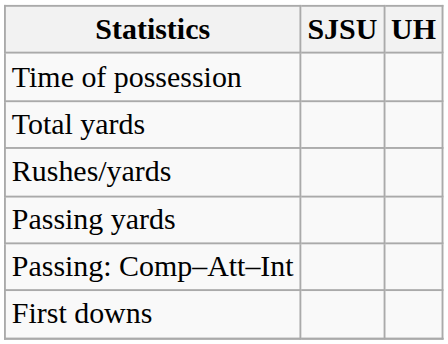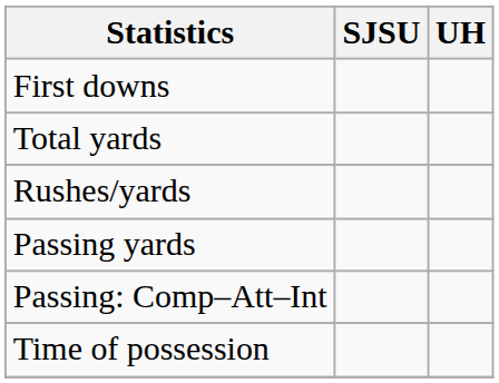 <table class="wikitable" style="float: left;">
 <tr>
 <th>Statistics</th>
 <th>SJSU</th>
 <th>UH</th>
 </tr>
 <tr>
-<td>Time of possession</td>
+<td>First downs</td>
 <td></td>
 <td></td>
 </tr>
 <tr>
 <td>Total yards</td>
 <td></td>
 <td></td>
 </tr>
 <tr>
 <td>Rushes/yards</td>
 <td></td>
 <td></td>
 </tr>
 <tr>
 <td>Passing yards</td>
 <td></td>
 <td></td>
 </tr>
 <tr>
 <td>Passing: Comp–Att–Int</td>
 <td></td>
 <td></td>
 </tr>
 <tr>
-<td>First downs</td>
+<td>Time of possession</td>
 <td></td>
 <td></td>
 </tr>
 <tr>
 </tr>
 </table>
